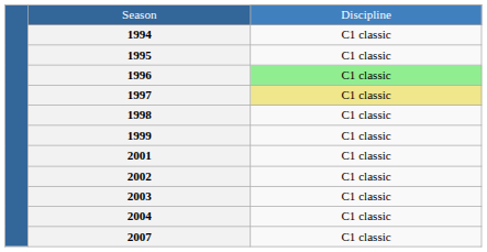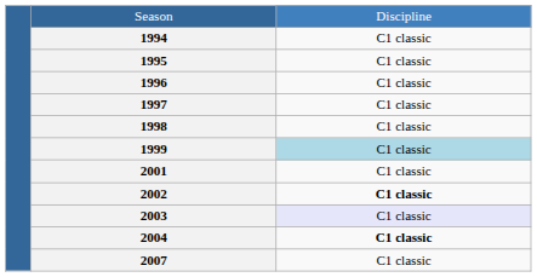 <table class="wikitable"  style="font-size:95%; text-align:center; border:gray solid 1px; width:30%;">
 <tr style="background:#369; color:white;">
 <td rowspan="22" style="width:1%;"></td>
 <td rowspan="2" style="width:10%;">Season</td>
 </tr>
 <tr style="background:#4180be; color:white;">
 <td style="width:10%;">Discipline</td>
 </tr>
 <tr>
 <th>1994</th>
 <td>C1 classic</td>
 </tr>
 <tr>
 <th>1995</th>
 <td>C1 classic</td>
 </tr>
 <tr>
 <th>1996</th>
-<td style="background: lightgreen;">C1 classic</td>
+<td>C1 classic</td>
 </tr>
 <tr>
 <th>1997</th>
-<td style="background: khaki;">C1 classic</td>
+<td>C1 classic</td>
 </tr>
 <tr>
 <th>1998</th>
 <td>C1 classic</td>
 </tr>
 <tr>
 <th>1999</th>
-<td>C1 classic</td>
+<td style="background: lightblue;">C1 classic</td>
 </tr>
 <tr>
 <th>2001</th>
 <td>C1 classic</td>
 </tr>
 <tr>
 <th>2002</th>
-<td>C1 classic</td>
+<td><strong>C1 classic</strong></td>
 </tr>
 <tr>
 <th>2003</th>
-<td>C1 classic</td>
+<td style="background: lavender;">C1 classic</td>
 </tr>
 <tr>
 <th>2004</th>
-<td>C1 classic</td>
+<td><strong>C1 classic</strong></td>
 </tr>
 <tr>
 <th>2007</th>
 <td>C1 classic</td>
 </tr>
 </table>
